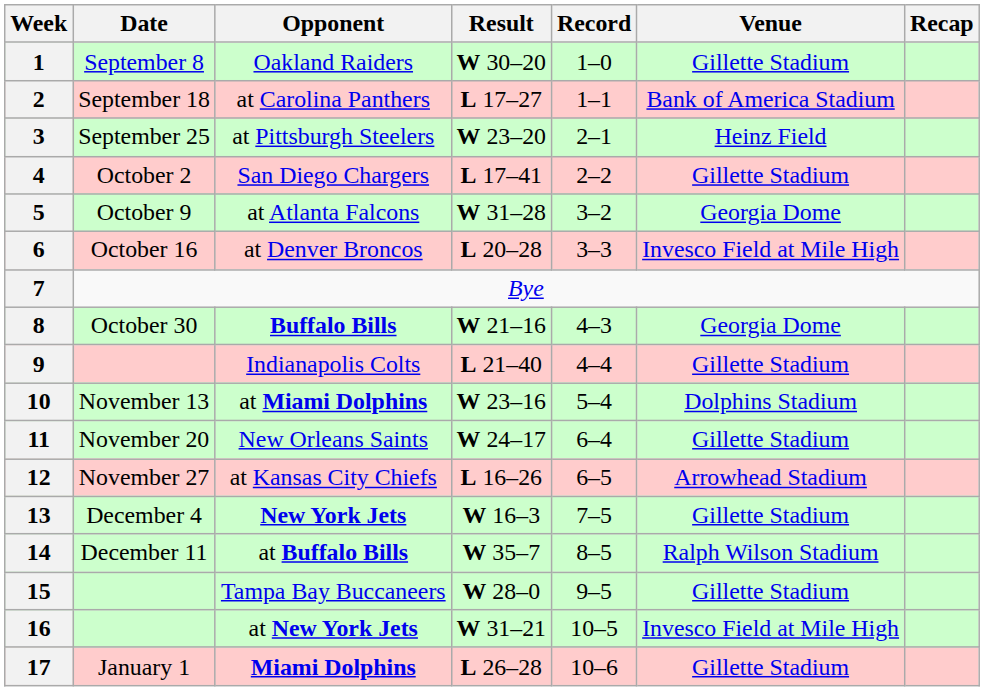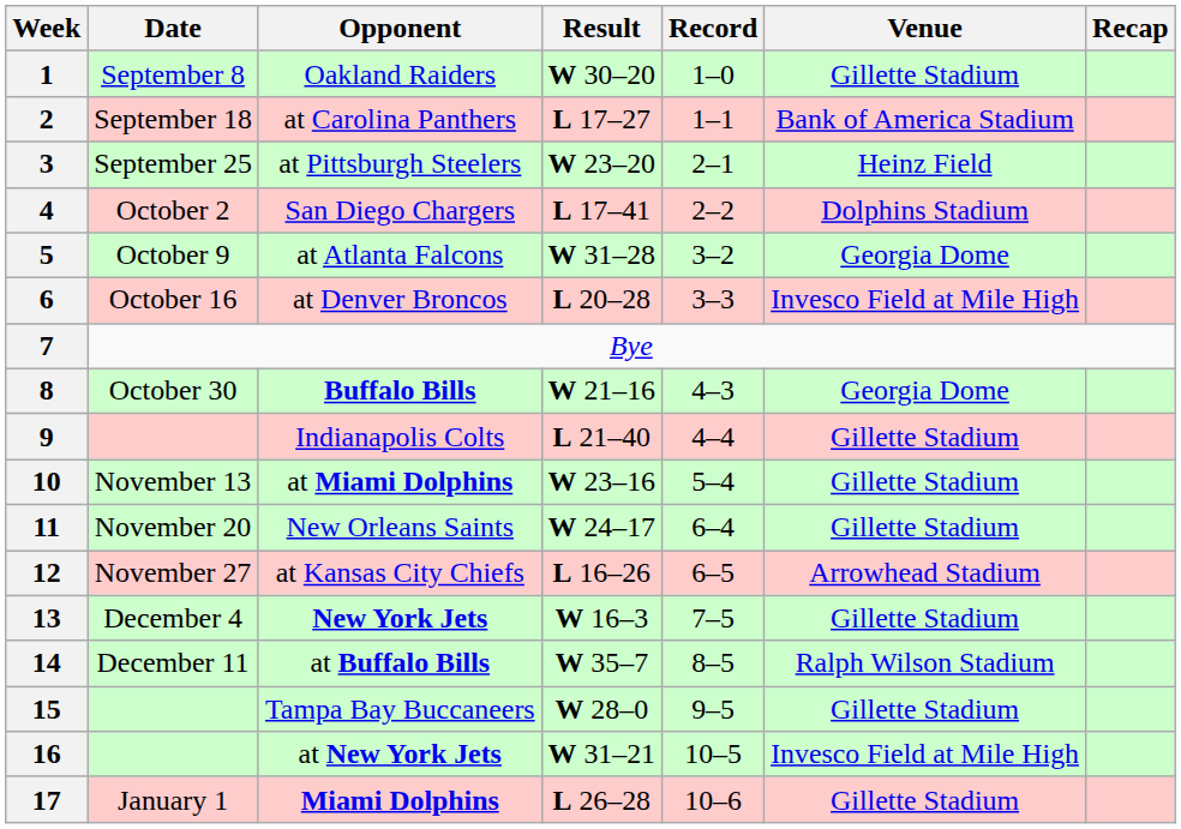 <table class="wikitable" style="text-align:center">
 <tr>
 <th>Week</th>
 <th>Date</th>
 <th>Opponent</th>
 <th>Result</th>
 <th>Record</th>
 <th>Venue</th>
 <th>Recap</th>
 </tr>
 <tr style="background:#cfc;">
 <th>1</th>
 <td><a href='#'>September 8</a></td>
 <td><a href='#'>Oakland Raiders</a></td>
 <td><strong>W</strong> 30–20</td>
 <td>1–0</td>
 <td><a href='#'>Gillette Stadium</a></td>
 <td></td>
 </tr>
 <tr style="background:#fcc;">
 <th>2</th>
 <td>September 18</td>
 <td>at <a href='#'>Carolina Panthers</a></td>
 <td><strong>L</strong> 17–27</td>
 <td>1–1</td>
 <td><a href='#'>Bank of America Stadium</a></td>
 <td></td>
 </tr>
 <tr style="background:#cfc;">
 <th>3</th>
 <td>September 25</td>
 <td>at <a href='#'>Pittsburgh Steelers</a></td>
 <td><strong>W</strong> 23–20</td>
 <td>2–1</td>
 <td><a href='#'>Heinz Field</a></td>
 <td></td>
 </tr>
 <tr style="background:#fcc;">
 <th>4</th>
 <td>October 2</td>
 <td><a href='#'>San Diego Chargers</a></td>
 <td><strong>L</strong> 17–41</td>
 <td>2–2</td>
-<td><a href='#'>Gillette Stadium</a></td>
+<td><a href='#'>Dolphins Stadium</a></td>
 <td></td>
 </tr>
 <tr style="background:#cfc;">
 <th>5</th>
 <td>October 9</td>
 <td>at <a href='#'>Atlanta Falcons</a></td>
 <td><strong>W</strong> 31–28</td>
 <td>3–2</td>
 <td><a href='#'>Georgia Dome</a></td>
 <td></td>
 </tr>
 <tr style="background:#fcc;">
 <th>6</th>
 <td>October 16</td>
 <td>at <a href='#'>Denver Broncos</a></td>
 <td><strong>L</strong> 20–28</td>
 <td>3–3</td>
 <td><a href='#'>Invesco Field at Mile High</a></td>
 <td></td>
 </tr>
 <tr style="text-align:center;">
 <th>7</th>
 <td colspan="6" style="text-align:center;"><em><a href='#'>Bye</a></em></td>
 </tr>
 <tr style="background:#cfc;">
 <th>8</th>
 <td>October 30</td>
 <td><strong><a href='#'>Buffalo Bills</a></strong></td>
 <td><strong>W</strong> 21–16</td>
 <td>4–3</td>
 <td><a href='#'>Georgia Dome</a></td>
 <td></td>
 </tr>
 <tr style="background:#fcc;">
 <th>9</th>
 <td></td>
 <td><a href='#'>Indianapolis Colts</a></td>
 <td><strong>L</strong> 21–40</td>
 <td>4–4</td>
 <td><a href='#'>Gillette Stadium</a></td>
 <td></td>
 </tr>
 <tr style="background:#cfc;">
 <th>10</th>
 <td>November 13</td>
 <td>at <strong><a href='#'>Miami Dolphins</a></strong></td>
 <td><strong>W</strong> 23–16</td>
 <td>5–4</td>
-<td><a href='#'>Dolphins Stadium</a></td>
+<td><a href='#'>Gillette Stadium</a></td>
 <td></td>
 </tr>
 <tr style="background:#cfc;">
 <th>11</th>
 <td>November 20</td>
 <td><a href='#'>New Orleans Saints</a></td>
 <td><strong>W</strong> 24–17</td>
 <td>6–4</td>
 <td><a href='#'>Gillette Stadium</a></td>
 <td></td>
 </tr>
 <tr style="background:#fcc;">
 <th>12</th>
 <td>November 27</td>
 <td>at <a href='#'>Kansas City Chiefs</a></td>
 <td><strong>L</strong> 16–26</td>
 <td>6–5</td>
 <td><a href='#'>Arrowhead Stadium</a></td>
 <td></td>
 </tr>
 <tr style="background:#cfc;">
 <th>13</th>
 <td>December 4</td>
 <td><strong><a href='#'>New York Jets</a></strong></td>
 <td><strong>W</strong> 16–3</td>
 <td>7–5</td>
 <td><a href='#'>Gillette Stadium</a></td>
 <td></td>
 </tr>
 <tr style="background:#cfc;">
 <th>14</th>
 <td>December 11</td>
 <td>at <strong><a href='#'>Buffalo Bills</a></strong></td>
 <td><strong>W</strong> 35–7</td>
 <td>8–5</td>
 <td><a href='#'>Ralph Wilson Stadium</a></td>
 <td></td>
 </tr>
 <tr style="background:#cfc;">
 <th>15</th>
 <td></td>
 <td><a href='#'>Tampa Bay Buccaneers</a></td>
 <td><strong>W</strong> 28–0</td>
 <td>9–5</td>
 <td><a href='#'>Gillette Stadium</a></td>
 <td></td>
 </tr>
 <tr style="background:#cfc;">
 <th>16</th>
 <td></td>
 <td>at <strong><a href='#'>New York Jets</a></strong></td>
 <td><strong>W</strong> 31–21</td>
 <td>10–5</td>
 <td><a href='#'>Invesco Field at Mile High</a></td>
 <td></td>
 </tr>
 <tr style="background:#fcc;">
 <th>17</th>
 <td>January 1</td>
 <td><strong><a href='#'>Miami Dolphins</a></strong></td>
 <td><strong>L</strong> 26–28</td>
 <td>10–6</td>
 <td><a href='#'>Gillette Stadium</a></td>
 <td></td>
 </tr>
 </table>
